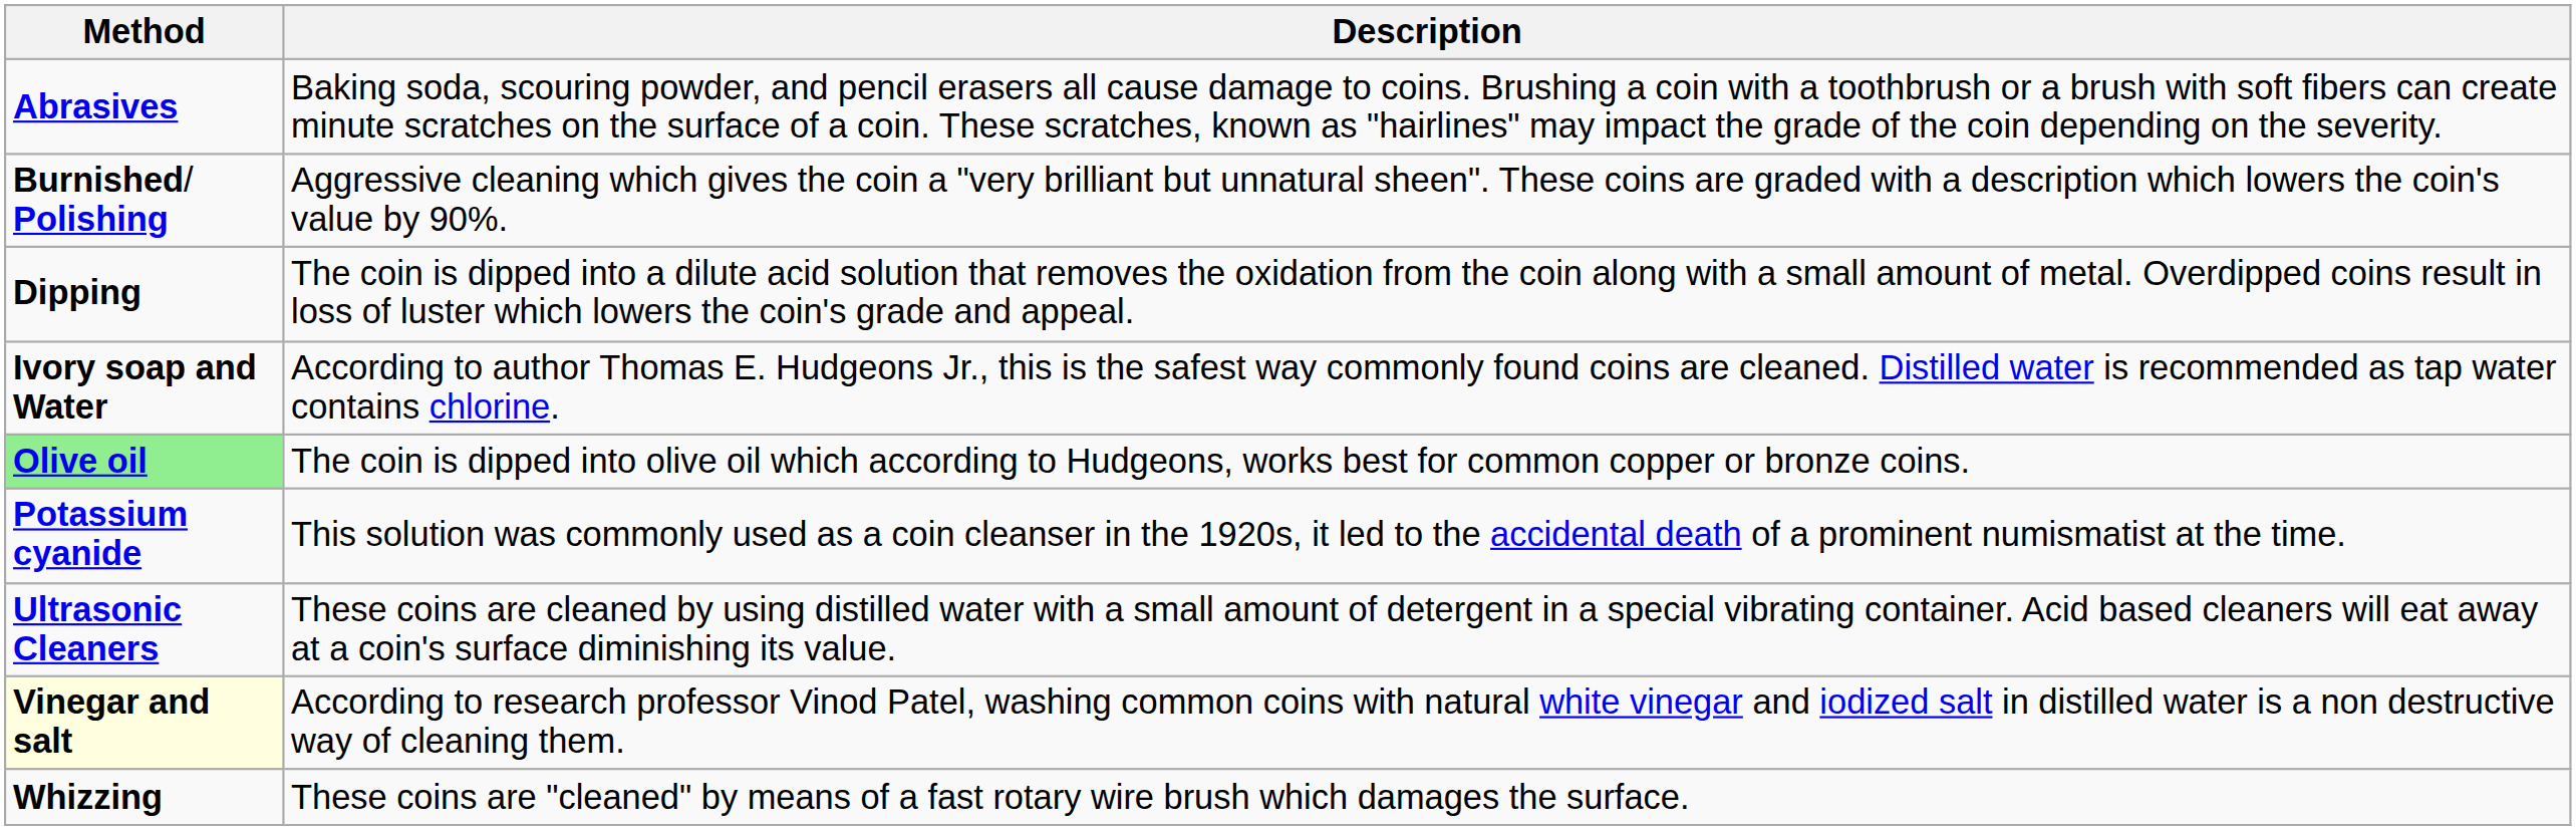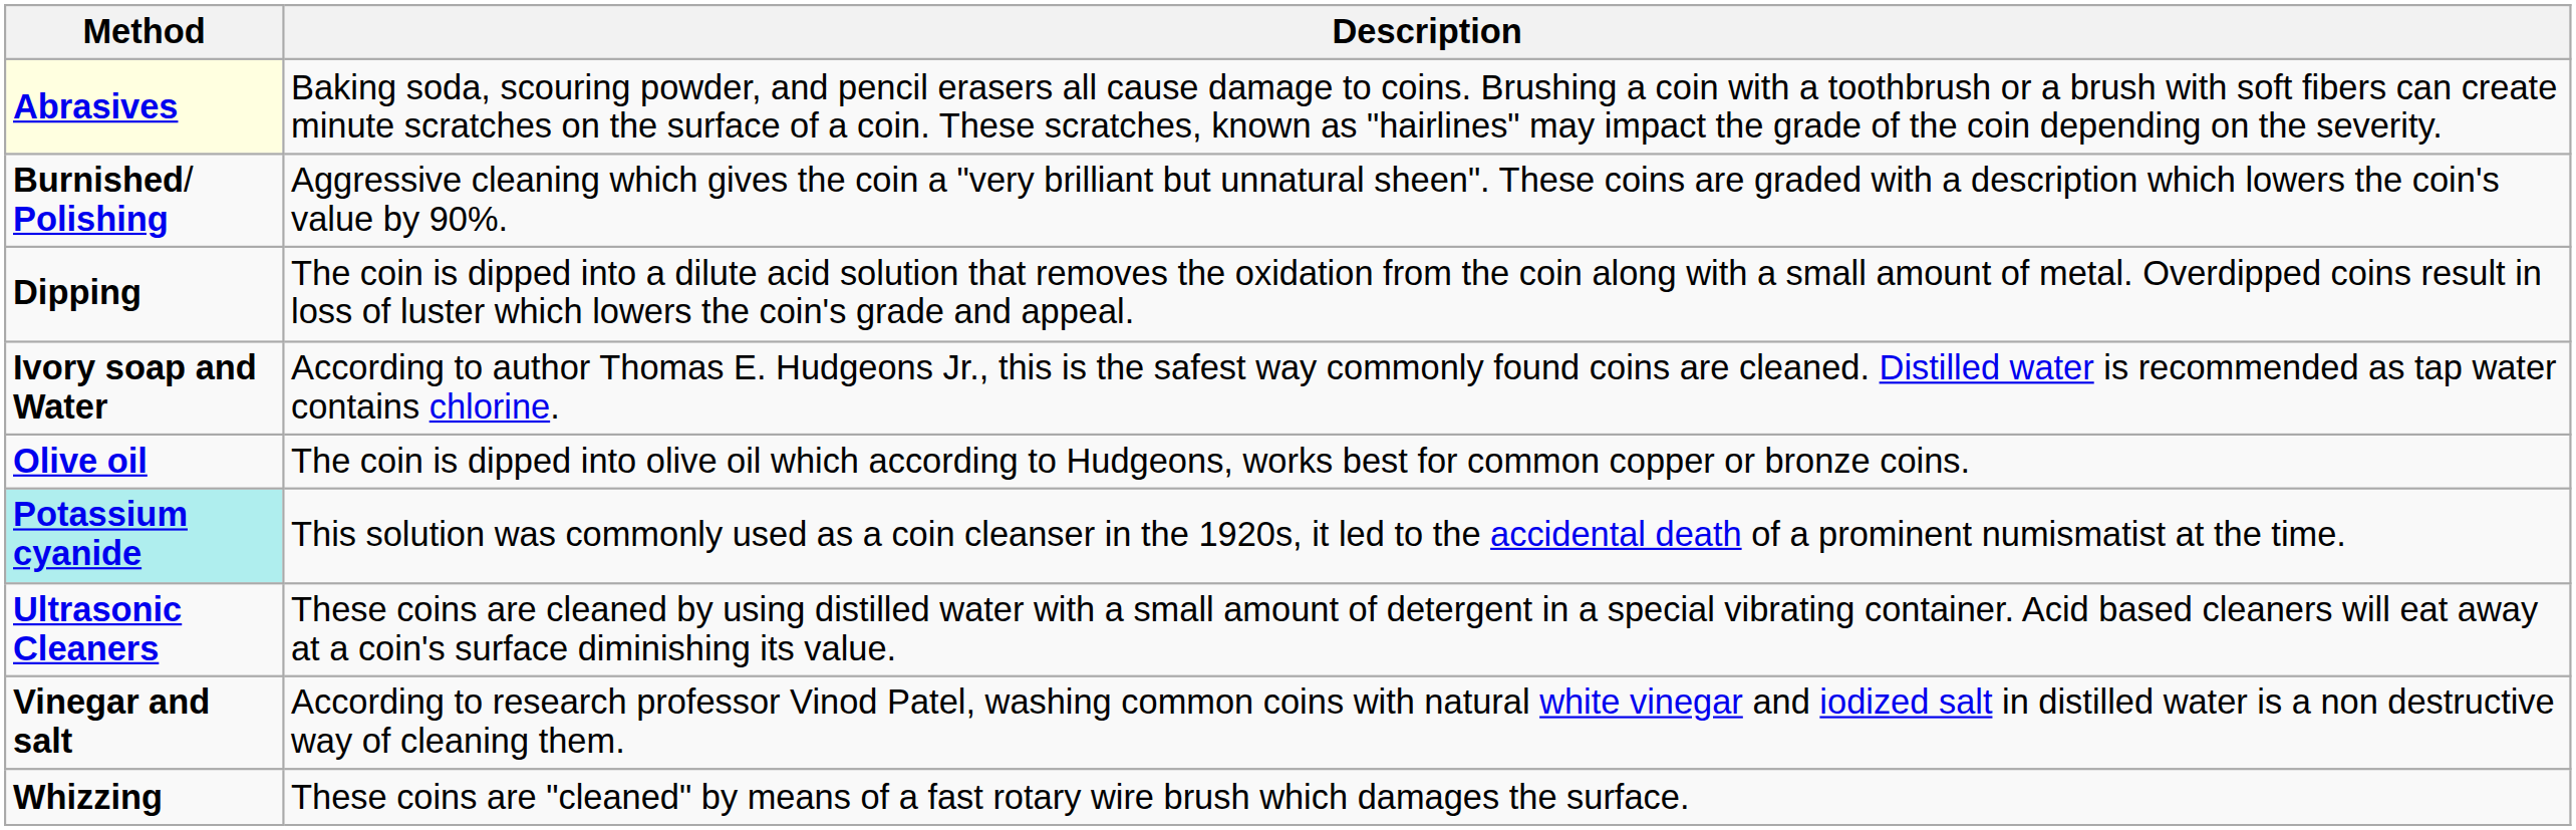 <table class="wikitable" width="60%" >
 <tr>
 <th>Method</th>
 <th>Description</th>
 </tr>
 <tr>
-<td><strong><a href='#'>Abrasives</a></strong></td>
+<td style="background: lightyellow;"><strong><a href='#'>Abrasives</a></strong></td>
 <td>Baking soda, scouring powder, and pencil erasers all cause damage to coins. Brushing a coin with a toothbrush or a brush with soft fibers can create minute scratches on the surface of a coin. These scratches, known as "hairlines" may impact the grade of the coin depending on the severity.</td>
 </tr>
 <tr>
 <td><strong>Burnished</strong>/<br><strong><a href='#'>Polishing</a></strong></td>
 <td>Aggressive cleaning which gives the coin a "very brilliant but unnatural sheen". These coins are graded with a description which lowers the coin's value by 90%. </td>
 </tr>
 <tr>
 <td><strong>Dipping</strong></td>
 <td>The coin is dipped into a dilute acid solution that removes the oxidation from the coin along with a small amount of metal. Overdipped coins result in loss of luster which lowers the coin's grade and appeal.</td>
 </tr>
 <tr>
 <td><strong>Ivory soap and Water</strong></td>
 <td>According to author Thomas E. Hudgeons Jr., this is the safest way commonly found coins are cleaned. <a href='#'>Distilled water</a> is recommended as tap water contains <a href='#'>chlorine</a>.</td>
 </tr>
 <tr>
-<td style="background: lightgreen;"><strong><a href='#'>Olive oil</a></strong></td>
+<td><strong><a href='#'>Olive oil</a></strong></td>
 <td>The coin is dipped into olive oil which according to Hudgeons, works best for common copper or bronze coins.</td>
 </tr>
 <tr>
-<td><strong><a href='#'>Potassium cyanide</a></strong></td>
+<td style="background: paleturquoise;"><strong><a href='#'>Potassium cyanide</a></strong></td>
 <td>This solution was commonly used as a coin cleanser in the 1920s, it led to the <a href='#'>accidental death</a> of a prominent numismatist at the time.</td>
 </tr>
 <tr>
 <td><strong><a href='#'>Ultrasonic Cleaners</a></strong></td>
 <td>These coins are cleaned by using distilled water with a small amount of detergent in a special vibrating container. Acid based cleaners will eat away at a coin's surface diminishing its value.</td>
 </tr>
 <tr>
-<td style="background: lightyellow;"><strong>Vinegar and salt</strong></td>
+<td><strong>Vinegar and salt</strong></td>
 <td>According to research professor Vinod Patel, washing common coins with natural <a href='#'>white vinegar</a> and <a href='#'>iodized salt</a> in distilled water is a non destructive way of cleaning them.</td>
 </tr>
 <tr>
 <td><strong>Whizzing</strong></td>
 <td>These coins are "cleaned" by means of a fast rotary wire brush which damages the surface.</td>
 </tr>
 </table>
